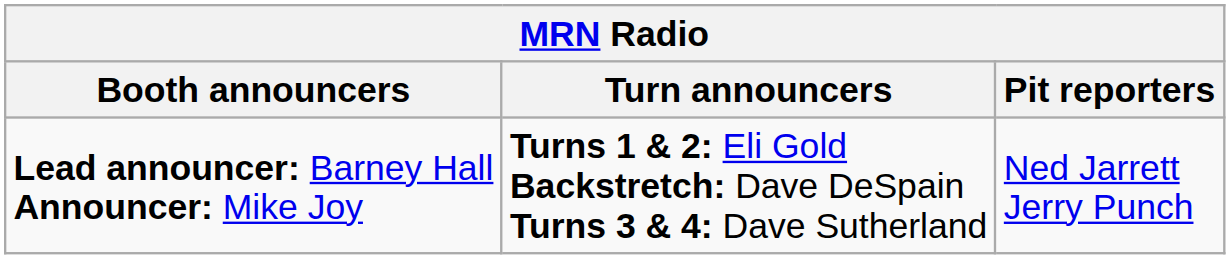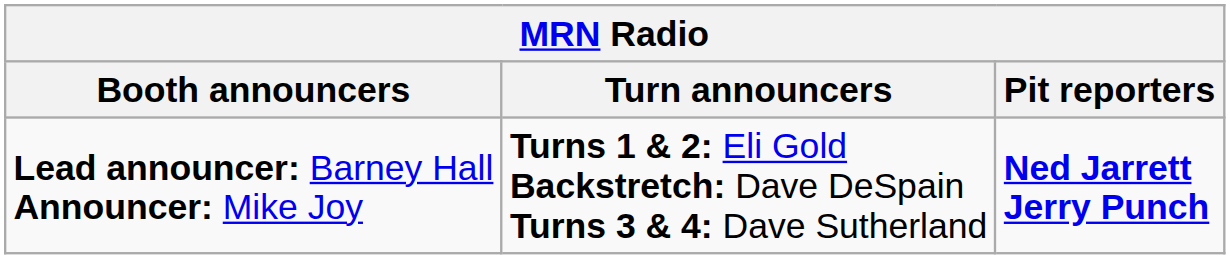 <table class="wikitable" style="font-size: 95%;">
 <tr>
 <th colspan="3"><a href='#'>MRN</a> Radio</th>
 </tr>
 <tr>
 <th>Booth announcers</th>
 <th>Turn announcers</th>
 <th>Pit reporters</th>
 </tr>
 <tr>
 <td><strong>Lead announcer:</strong> <a href='#'>Barney Hall</a><br><strong>Announcer:</strong> <a href='#'>Mike Joy</a></td>
 <td><strong>Turns 1 & 2:</strong> <a href='#'>Eli Gold</a> <br><strong>Backstretch:</strong> Dave DeSpain <br><strong>Turns 3 & 4:</strong> Dave Sutherland</td>
-<td><a href='#'>Ned Jarrett</a><br><a href='#'>Jerry Punch</a></td>
+<td><strong><a href='#'>Ned Jarrett</a><br><a href='#'>Jerry Punch</a></strong></td>
 </tr>
 </table>
